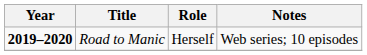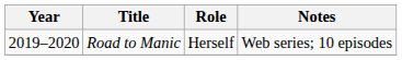 <table class="wikitable sortable">
 <tr>
 <th>Year</th>
 <th>Title</th>
 <th>Role</th>
 <th class="unsortable">Notes</th>
 </tr>
 <tr>
-<td><strong>2019–2020</strong></td>
+<td>2019–2020</td>
 <td><em>Road to Manic</em></td>
 <td>Herself</td>
 <td>Web series; 10 episodes</td>
 </tr>
 <tr>
 </tr>
 </table>
